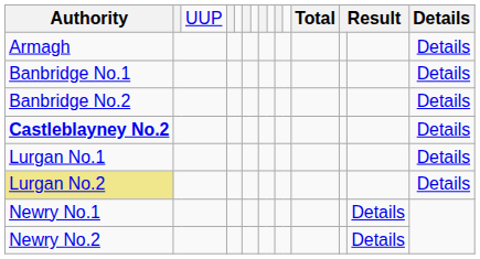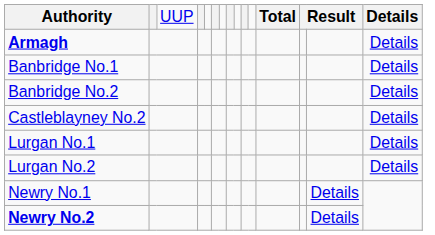 <table class="wikitable" style="text-align:right; padding-left:1em">
 <tr>
 <th align="left">Authority</th>
 <th style="background-color: "></th>
 <td><a href='#'>UUP</a></td>
 <th style="background-color: "></th>
 <td><a href='#'></a></td>
 <th style="background-color: "></th>
 <td><a href='#'></a></td>
 <th style="background-color: "></th>
 <td><a href='#'></a></td>
 <th style="background-color: "></th>
 <td><a href='#'></a></td>
 <th align="left">Total</th>
 <th colspan=2>Result</th>
 <th>Details</th>
 </tr>
 <tr>
-<td align=left><a href='#'>Armagh</a></td>
+<td align=left><strong><a href='#'>Armagh</a></strong></td>
 <td colspan=2></td>
 <td colspan=2></td>
 <td colspan=2></td>
 <td colspan=2></td>
 <td colspan=2></td>
 <td></td>
 <td></td>
 <td></td>
 <td><a href='#'>Details</a></td>
 </tr>
 <tr>
 <td align=left><a href='#'>Banbridge No.1</a></td>
 <td colspan=2></td>
 <td colspan=2></td>
 <td colspan=2></td>
 <td colspan=2></td>
 <td colspan=2></td>
 <td></td>
 <td></td>
 <td></td>
 <td><a href='#'>Details</a></td>
 </tr>
 <tr>
 <td align=left><a href='#'>Banbridge No.2</a></td>
 <td colspan=2></td>
 <td colspan=2></td>
 <td colspan=2></td>
 <td colspan=2></td>
 <td colspan=2></td>
 <td></td>
 <td></td>
 <td></td>
 <td><a href='#'>Details</a></td>
 </tr>
 <tr>
-<td align=left><strong><a href='#'>Castleblayney No.2</a></strong></td>
+<td align=left><a href='#'>Castleblayney No.2</a></td>
 <td colspan=2></td>
 <td colspan=2></td>
 <td colspan=2></td>
 <td colspan=2></td>
 <td colspan=2></td>
 <td></td>
 <td></td>
 <td></td>
 <td><a href='#'>Details</a></td>
 </tr>
 <tr>
 <td align=left><a href='#'>Lurgan No.1</a></td>
 <td colspan=2></td>
 <td colspan=2></td>
 <td colspan=2></td>
 <td colspan=2></td>
 <td colspan=2></td>
 <td></td>
 <td></td>
 <td></td>
 <td><a href='#'>Details</a></td>
 </tr>
 <tr>
-<td align=left style="background: khaki;"><a href='#'>Lurgan No.2</a></td>
+<td align=left><a href='#'>Lurgan No.2</a></td>
 <td colspan=2></td>
 <td colspan=2></td>
 <td colspan=2></td>
 <td colspan=2></td>
 <td colspan=2></td>
 <td></td>
 <td></td>
 <td></td>
 <td><a href='#'>Details</a></td>
 </tr>
 <tr>
 <td align=left><a href='#'>Newry No.1</a></td>
 <td colspan=2></td>
 <td colspan=2></td>
 <td colspan=2></td>
 <td colspan=2></td>
 <td colspan=2></td>
 <td></td>
 <td></td>
 <td><a href='#'>Details</a></td>
 </tr>
 <tr>
-<td align=left><a href='#'>Newry No.2</a></td>
+<td align=left><strong><a href='#'>Newry No.2</a></strong></td>
 <td colspan=2></td>
 <td colspan=2></td>
 <td colspan=2></td>
 <td colspan=2></td>
 <td colspan=2></td>
 <td></td>
 <td></td>
 <td><a href='#'>Details</a></td>
 </tr>
 </table>
